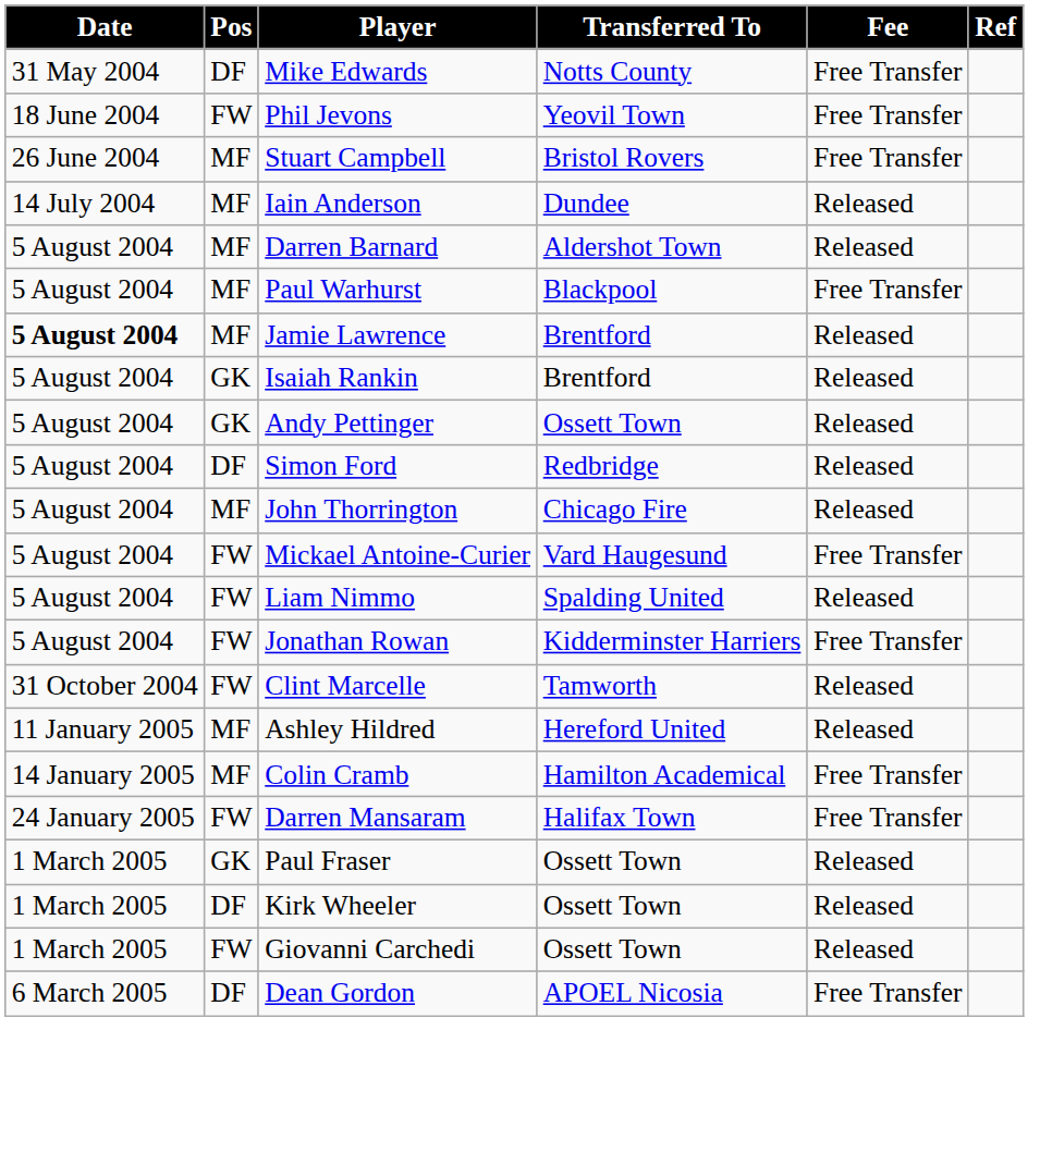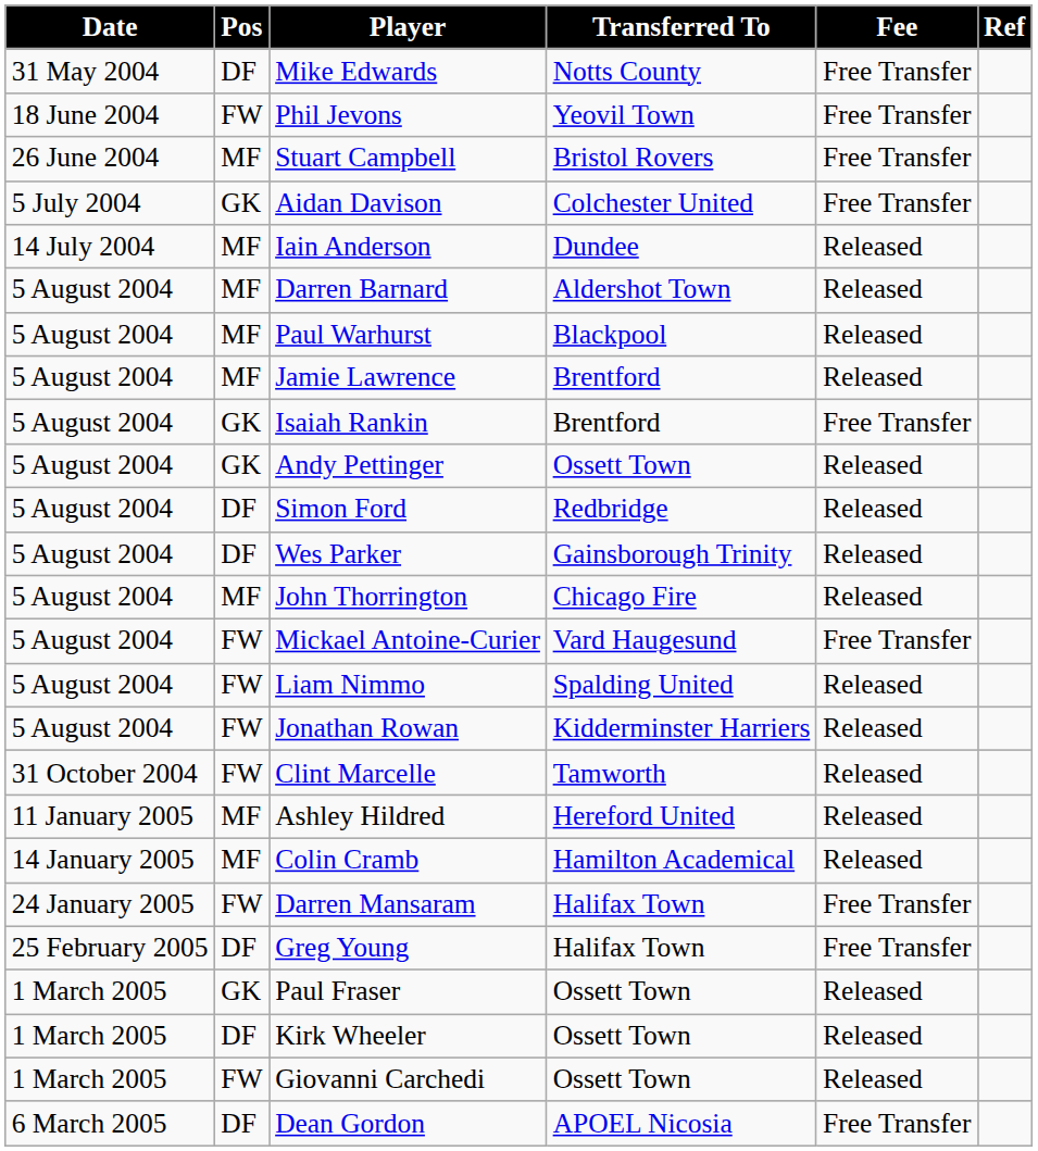 <table class="wikitable plainrowheaders sortable">
 <tr>
 <th style="background:#000000; color:#FFFFFF; ">Date</th>
 <th style="background:#000000; color:#FFFFff; ">Pos</th>
 <th style="background:#000000; color:#FFFFff; ">Player</th>
 <th style="background:#000000; color:#FFFFff; ">Transferred To</th>
 <th style="background:#000000; color:#FFFFff; ">Fee</th>
 <th style="background:#000000; color:#FFFFff; ">Ref</th>
 </tr>
 <tr>
 <td>31 May 2004</td>
 <td>DF</td>
 <td> <a href='#'>Mike Edwards</a></td>
 <td> <a href='#'>Notts County</a></td>
 <td>Free Transfer</td>
 <td></td>
 </tr>
 <tr>
 <td>18 June 2004</td>
 <td>FW</td>
 <td> <a href='#'>Phil Jevons</a></td>
 <td> <a href='#'>Yeovil Town</a></td>
 <td>Free Transfer</td>
 <td></td>
 </tr>
 <tr>
 <td>26 June 2004</td>
 <td>MF</td>
 <td> <a href='#'>Stuart Campbell</a></td>
 <td> <a href='#'>Bristol Rovers</a></td>
 <td>Free Transfer</td>
 <td></td>
 </tr>
 <tr>
+<td>5 July 2004</td>
+<td>GK</td>
+<td> <a href='#'>Aidan Davison</a></td>
+<td> <a href='#'>Colchester United</a></td>
+<td>Free Transfer</td>
+<td></td>
+</tr>
+<tr>
 <td>14 July 2004</td>
 <td>MF</td>
 <td> <a href='#'>Iain Anderson</a></td>
 <td> <a href='#'>Dundee</a></td>
 <td>Released</td>
 <td></td>
 </tr>
 <tr>
 <td>5 August 2004</td>
 <td>MF</td>
 <td> <a href='#'>Darren Barnard</a></td>
 <td> <a href='#'>Aldershot Town</a></td>
 <td>Released</td>
 <td></td>
 </tr>
 <tr>
 <td>5 August 2004</td>
 <td>MF</td>
 <td> <a href='#'>Paul Warhurst</a></td>
 <td> <a href='#'>Blackpool</a></td>
-<td>Free Transfer</td>
+<td>Released</td>
 <td></td>
 </tr>
 <tr>
-<td><strong>5 August 2004</strong></td>
+<td>5 August 2004</td>
 <td>MF</td>
 <td> <a href='#'>Jamie Lawrence</a></td>
 <td> <a href='#'>Brentford</a></td>
 <td>Released</td>
 <td></td>
 </tr>
 <tr>
 <td>5 August 2004</td>
 <td>GK</td>
 <td> <a href='#'>Isaiah Rankin</a></td>
 <td> Brentford</td>
-<td>Released</td>
+<td>Free Transfer</td>
 <td></td>
 </tr>
 <tr>
 <td>5 August 2004</td>
 <td>GK</td>
 <td> <a href='#'>Andy Pettinger</a></td>
 <td> <a href='#'>Ossett Town</a></td>
 <td>Released</td>
 <td></td>
 </tr>
 <tr>
 <td>5 August 2004</td>
 <td>DF</td>
 <td> <a href='#'>Simon Ford</a></td>
 <td> <a href='#'>Redbridge</a></td>
+<td>Released</td>
+<td></td>
+</tr>
+<tr>
+<td>5 August 2004</td>
+<td>DF</td>
+<td> <a href='#'>Wes Parker</a></td>
+<td> <a href='#'>Gainsborough Trinity</a></td>
 <td>Released</td>
 <td></td>
 </tr>
 <tr>
 <td>5 August 2004</td>
 <td>MF</td>
 <td> <a href='#'>John Thorrington</a></td>
 <td> <a href='#'>Chicago Fire</a></td>
 <td>Released</td>
 <td></td>
 </tr>
 <tr>
 <td>5 August 2004</td>
 <td>FW</td>
 <td> <a href='#'>Mickael Antoine-Curier</a></td>
 <td> <a href='#'>Vard Haugesund</a></td>
 <td>Free Transfer</td>
 <td></td>
 </tr>
 <tr>
 <td>5 August 2004</td>
 <td>FW</td>
 <td> <a href='#'>Liam Nimmo</a></td>
 <td> <a href='#'>Spalding United</a></td>
 <td>Released</td>
 <td></td>
 </tr>
 <tr>
 <td>5 August 2004</td>
 <td>FW</td>
 <td> <a href='#'>Jonathan Rowan</a></td>
 <td> <a href='#'>Kidderminster Harriers</a></td>
-<td>Free Transfer</td>
+<td>Released</td>
 <td></td>
 </tr>
 <tr>
 <td>31 October 2004</td>
 <td>FW</td>
 <td> <a href='#'>Clint Marcelle</a></td>
 <td> <a href='#'>Tamworth</a></td>
 <td>Released</td>
 <td></td>
 </tr>
 <tr>
 <td>11 January 2005</td>
 <td>MF</td>
 <td> Ashley Hildred</td>
 <td> <a href='#'>Hereford United</a></td>
 <td>Released</td>
 <td></td>
 </tr>
 <tr>
 <td>14 January 2005</td>
 <td>MF</td>
 <td> <a href='#'>Colin Cramb</a></td>
 <td> <a href='#'>Hamilton Academical</a></td>
-<td>Free Transfer</td>
+<td>Released</td>
 <td></td>
 </tr>
 <tr>
 <td>24 January 2005</td>
 <td>FW</td>
 <td> <a href='#'>Darren Mansaram</a></td>
 <td> <a href='#'>Halifax Town</a></td>
+<td>Free Transfer</td>
+<td></td>
+</tr>
+<tr>
+<td>25 February 2005</td>
+<td>DF</td>
+<td> <a href='#'>Greg Young</a></td>
+<td> Halifax Town</td>
 <td>Free Transfer</td>
 <td></td>
 </tr>
 <tr>
 <td>1 March 2005</td>
 <td>GK</td>
 <td> Paul Fraser</td>
 <td> Ossett Town</td>
 <td>Released</td>
 <td></td>
 </tr>
 <tr>
 <td>1 March 2005</td>
 <td>DF</td>
 <td> Kirk Wheeler</td>
 <td> Ossett Town</td>
 <td>Released</td>
 <td></td>
 </tr>
 <tr>
 <td>1 March 2005</td>
 <td>FW</td>
 <td> Giovanni Carchedi</td>
 <td> Ossett Town</td>
 <td>Released</td>
 <td></td>
 </tr>
 <tr>
 <td>6 March 2005</td>
 <td>DF</td>
 <td> <a href='#'>Dean Gordon</a></td>
 <td> <a href='#'>APOEL Nicosia</a></td>
 <td>Free Transfer</td>
 <td></td>
 </tr>
 </table>
